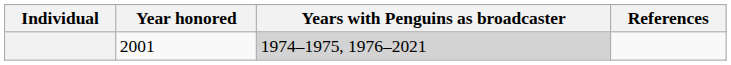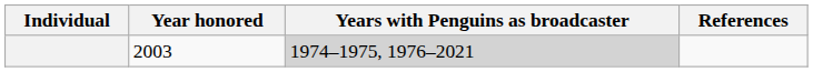 <table class="wikitable sortable" width="75%">
 <tr>
 <th scope="col">Individual</th>
 <th scope="col">Year honored</th>
 <th scope="col">Years with Penguins as broadcaster</th>
 <th scope="col" class="unsortable">References</th>
 </tr>
 <tr>
 <th scope="row"></th>
-<td>2001</td>
+<td>2003</td>
 <td style="background: lightgrey;">1974–1975, 1976–2021</td>
 <td></td>
 </tr>
 </table>
